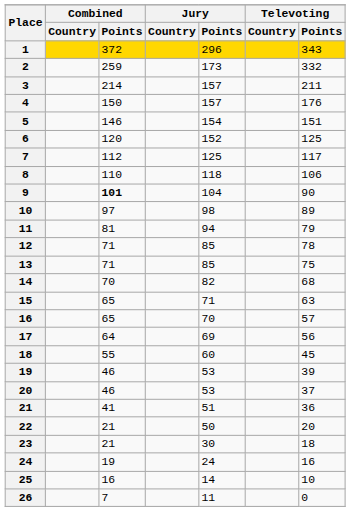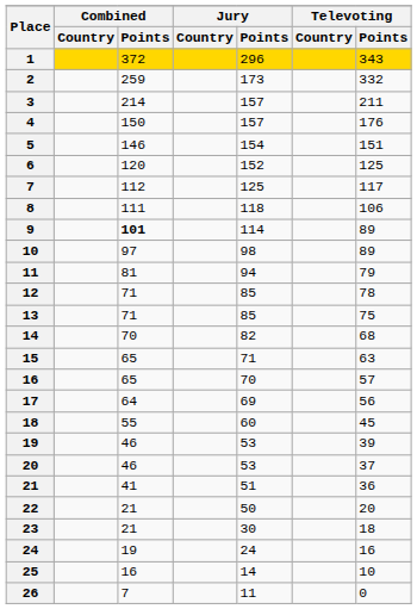 <table class="wikitable collapsible plainrowheaders" style="float:right; margin:10px; font-size:85%;">
 <tr>
 </tr>
 <tr>
 <th scope="col" rowspan="2">Place</th>
 <th scope="col" colspan="2">Combined</th>
 <th scope="col" colspan="2">Jury</th>
 <th scope="col" colspan="2">Televoting</th>
 </tr>
 <tr>
 <th scope="col">Country</th>
 <th scope="col">Points</th>
 <th scope="col">Country</th>
 <th scope="col">Points</th>
 <th scope="col">Country</th>
 <th scope="col">Points</th>
 </tr>
 <tr>
 <th scope="row" style="text-align:center">1</th>
 <td bgcolor="gold"></td>
 <td bgcolor="gold">372</td>
 <td bgcolor="gold"></td>
 <td bgcolor="gold">296</td>
 <td bgcolor="gold"></td>
 <td bgcolor="gold">343</td>
 </tr>
 <tr>
 <th scope="row" style="text-align:center">2</th>
 <td></td>
 <td>259</td>
 <td></td>
 <td>173</td>
 <td></td>
 <td>332</td>
 </tr>
 <tr>
 <th scope="row" style="text-align:center">3</th>
 <td></td>
 <td>214</td>
 <td></td>
 <td>157</td>
 <td></td>
 <td>211</td>
 </tr>
 <tr>
 <th scope="row" style="text-align:center">4</th>
 <td></td>
 <td>150</td>
 <td></td>
 <td>157</td>
 <td></td>
 <td>176</td>
 </tr>
 <tr>
 <th scope="row" style="text-align:center">5</th>
 <td></td>
 <td>146</td>
 <td></td>
 <td>154</td>
 <td></td>
 <td>151</td>
 </tr>
 <tr>
 <th scope="row" style="text-align:center">6</th>
 <td></td>
 <td>120</td>
 <td></td>
 <td>152</td>
 <td></td>
 <td>125</td>
 </tr>
 <tr>
 <th scope="row" style="text-align:center">7</th>
 <td></td>
 <td>112</td>
 <td></td>
 <td>125</td>
 <td></td>
 <td>117</td>
 </tr>
 <tr>
 <th scope="row" style="text-align:center">8</th>
 <td></td>
-<td>110</td>
+<td>111</td>
 <td></td>
 <td>118</td>
 <td></td>
 <td>106</td>
 </tr>
 <tr>
 <th scope="row" style="text-align:center">9</th>
 <td></td>
 <td><strong>101</strong></td>
 <td></td>
-<td>104</td>
+<td>114</td>
 <td></td>
-<td>90</td>
+<td>89</td>
 </tr>
 <tr>
 <th scope="row" style="text-align:center">10</th>
 <td></td>
 <td>97</td>
 <td></td>
 <td>98</td>
 <td></td>
 <td>89</td>
 </tr>
 <tr>
 <th scope="row" style="text-align:center">11</th>
 <td></td>
 <td>81</td>
 <td></td>
 <td>94</td>
 <td></td>
 <td>79</td>
 </tr>
 <tr>
 <th scope="row" style="text-align:center">12</th>
 <td></td>
 <td>71</td>
 <td></td>
 <td>85</td>
 <td></td>
 <td>78</td>
 </tr>
 <tr>
 <th scope="row" style="text-align:center">13</th>
 <td></td>
 <td>71</td>
 <td></td>
 <td>85</td>
 <td></td>
 <td>75</td>
 </tr>
 <tr>
 <th scope="row" style="text-align:center">14</th>
 <td></td>
 <td>70</td>
 <td></td>
 <td>82</td>
 <td></td>
 <td>68</td>
 </tr>
 <tr>
 <th scope="row" style="text-align:center">15</th>
 <td></td>
 <td>65</td>
 <td></td>
 <td>71</td>
 <td></td>
 <td>63</td>
 </tr>
 <tr>
 <th scope="row" style="text-align:center">16</th>
 <td></td>
 <td>65</td>
 <td></td>
 <td>70</td>
 <td></td>
 <td>57</td>
 </tr>
 <tr>
 <th scope="row" style="text-align:center">17</th>
 <td></td>
 <td>64</td>
 <td></td>
 <td>69</td>
 <td></td>
 <td>56</td>
 </tr>
 <tr>
 <th scope="row" style="text-align:center">18</th>
 <td></td>
 <td>55</td>
 <td></td>
 <td>60</td>
 <td></td>
 <td>45</td>
 </tr>
 <tr>
 <th scope="row" style="text-align:center">19</th>
 <td></td>
 <td>46</td>
 <td></td>
 <td>53</td>
 <td></td>
 <td>39</td>
 </tr>
 <tr>
 <th scope="row" style="text-align:center">20</th>
 <td></td>
 <td>46</td>
 <td></td>
 <td>53</td>
 <td></td>
 <td>37</td>
 </tr>
 <tr>
 <th scope="row" style="text-align:center">21</th>
 <td></td>
 <td>41</td>
 <td></td>
 <td>51</td>
 <td></td>
 <td>36</td>
 </tr>
 <tr>
 <th scope="row" style="text-align:center">22</th>
 <td></td>
 <td>21</td>
 <td></td>
 <td>50</td>
 <td></td>
 <td>20</td>
 </tr>
 <tr>
 <th scope="row" style="text-align:center">23</th>
 <td></td>
 <td>21</td>
 <td></td>
 <td>30</td>
 <td></td>
 <td>18</td>
 </tr>
 <tr>
 <th scope="row" style="text-align:center">24</th>
 <td></td>
 <td>19</td>
 <td></td>
 <td>24</td>
 <td></td>
 <td>16</td>
 </tr>
 <tr>
 <th scope="row" style="text-align:center">25</th>
 <td></td>
 <td>16</td>
 <td></td>
 <td>14</td>
 <td></td>
 <td>10</td>
 </tr>
 <tr>
 <th scope="row" style="text-align:center">26</th>
 <td></td>
 <td>7</td>
 <td></td>
 <td>11</td>
 <td></td>
 <td>0</td>
 </tr>
 </table>
